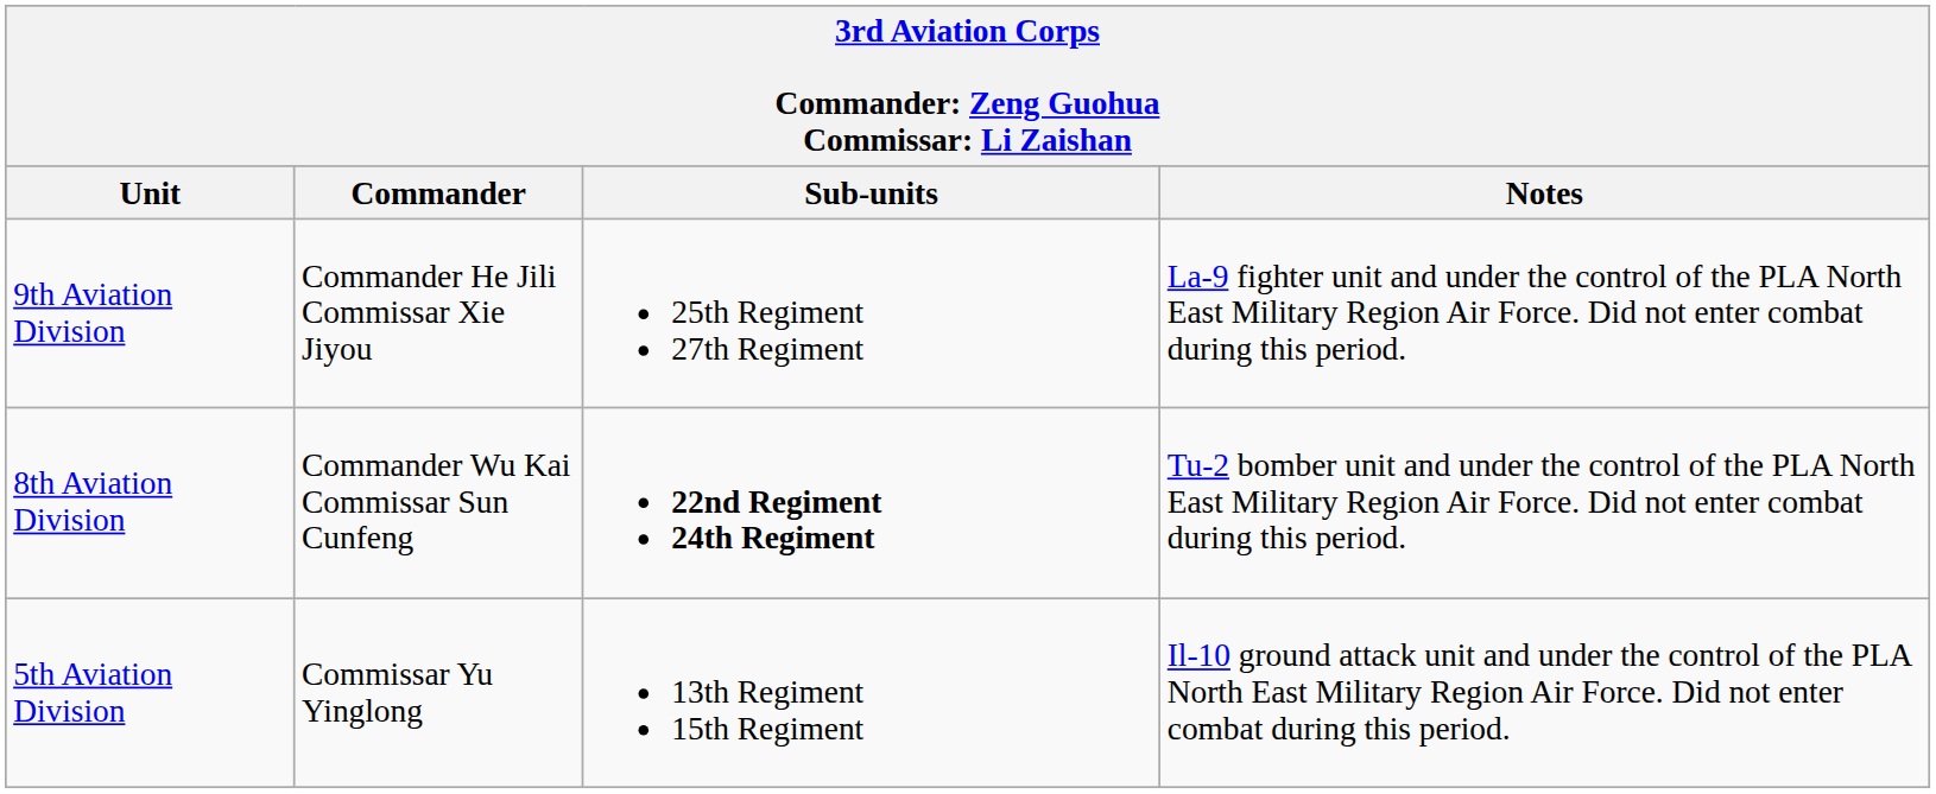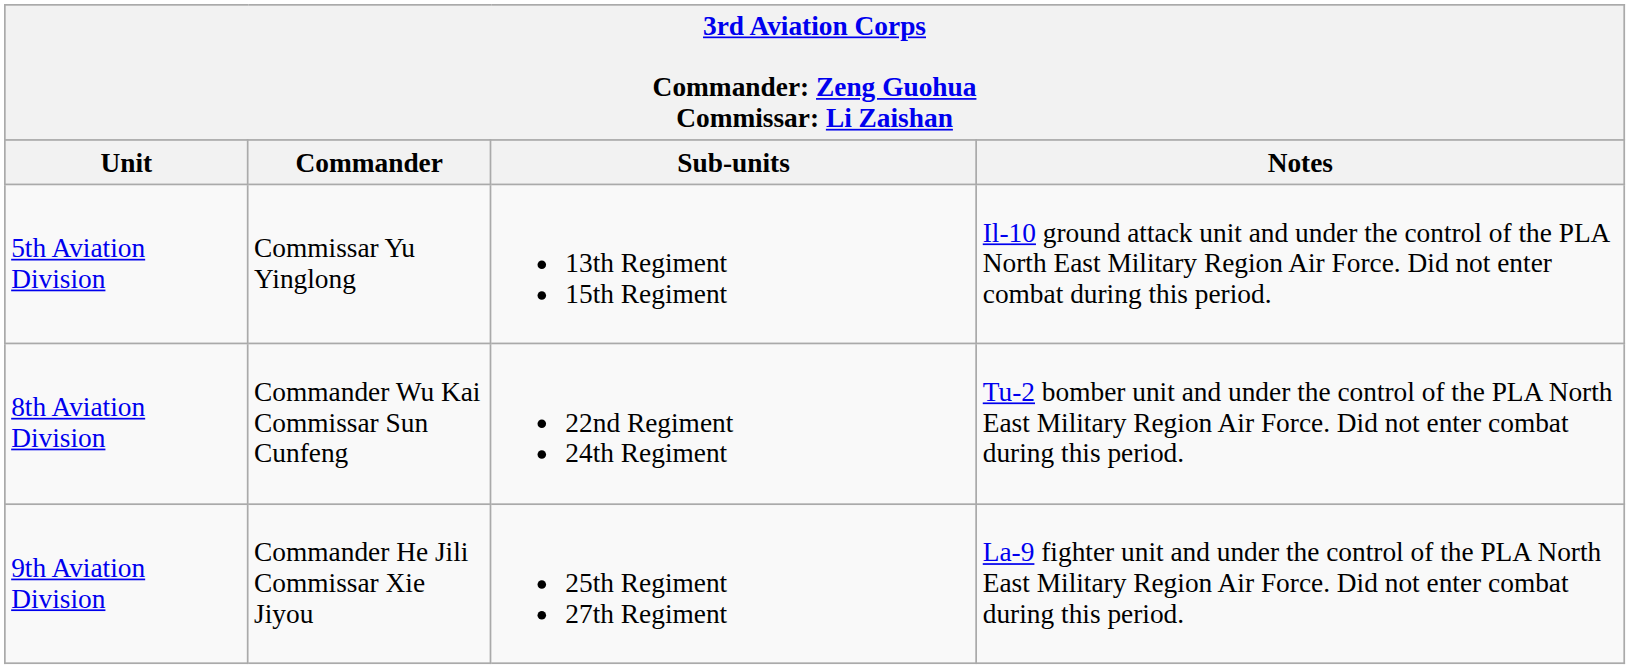 <table class="wikitable" style="width: 75%">
 <tr>
 <th colspan="4" align= center> <a href='#'>3rd Aviation Corps</a><br><br>Commander: <a href='#'>Zeng Guohua</a><br> Commissar: <a href='#'>Li Zaishan</a><br></th>
 </tr>
 <tr>
 <th width=15%; align= center>Unit</th>
 <th width=15%; align= center>Commander</th>
 <th width=30%; align= center>Sub-units</th>
 <th width=40%; align= center>Notes</th>
 </tr>
 <tr>
+<td><a href='#'>5th Aviation Division</a></td>
+<td>Commissar Yu Yinglong</td>
+<td><br><ul><li>13th Regiment</li><li>15th Regiment</li></ul></td>
+<td><a href='#'>Il-10</a> ground attack unit and under the control of the PLA North East Military Region Air Force. Did not enter combat during this period.</td>
+</tr>
+<tr>
+<td><a href='#'>8th Aviation Division</a></td>
+<td>Commander Wu Kai<br>Commissar Sun Cunfeng</td>
+<td><br><ul><li>22nd Regiment</li><li>24th Regiment</li></ul></td>
+<td><a href='#'>Tu-2</a> bomber unit and under the control of the PLA North East Military Region Air Force. Did not enter combat during this period.</td>
+</tr>
+<tr>
 <td><a href='#'>9th Aviation Division</a></td>
 <td>Commander He Jili<br>Commissar Xie Jiyou</td>
 <td><br><ul><li>25th Regiment</li><li>27th Regiment</li></ul></td>
 <td><a href='#'>La-9</a> fighter unit and under the control of the PLA North East Military Region Air Force. Did not enter combat during this period.</td>
 </tr>
-<tr>
-<td><a href='#'>8th Aviation Division</a></td>
-<td>Commander Wu Kai<br>Commissar Sun Cunfeng</td>
-<td><strong><br><ul><li>22nd Regiment</li><li>24th Regiment</li></ul></strong></td>
-<td><a href='#'>Tu-2</a> bomber unit and under the control of the PLA North East Military Region Air Force. Did not enter combat during this period.</td>
-</tr>
-<tr>
-<td><a href='#'>5th Aviation Division</a></td>
-<td>Commissar Yu Yinglong</td>
-<td><br><ul><li>13th Regiment</li><li>15th Regiment</li></ul></td>
-<td><a href='#'>Il-10</a> ground attack unit and under the control of the PLA North East Military Region Air Force. Did not enter combat during this period.</td>
-</tr>
 </table>
